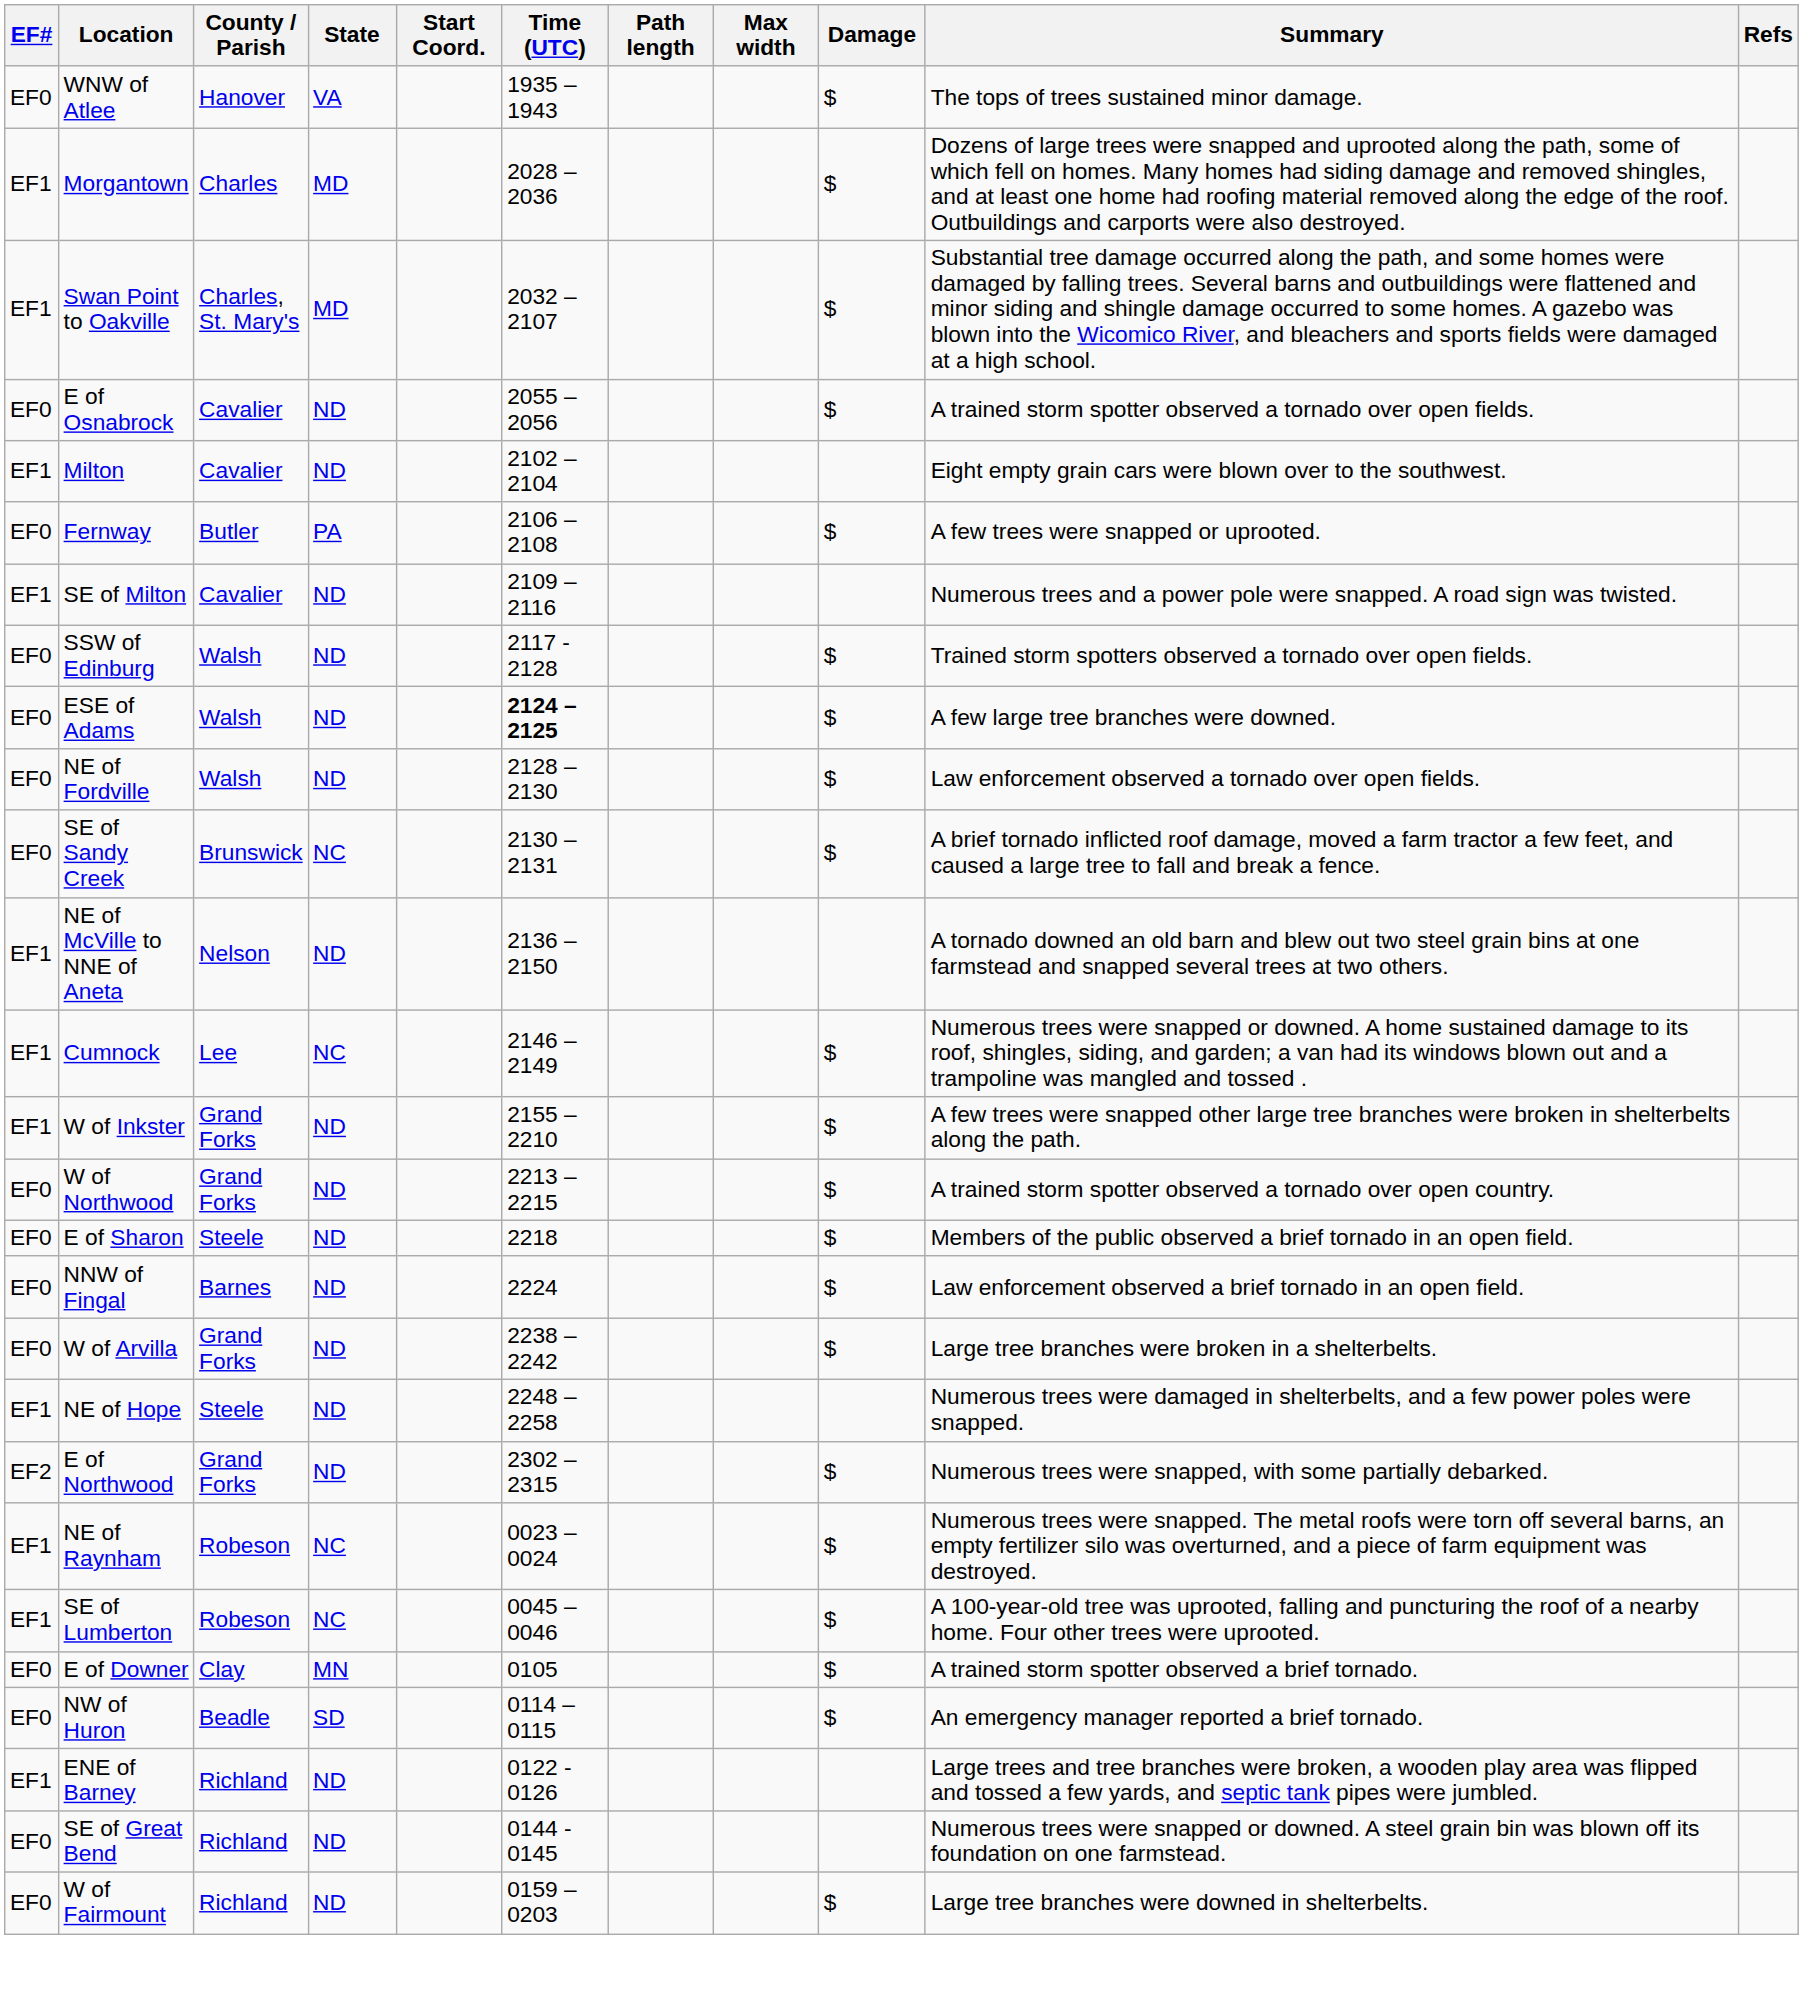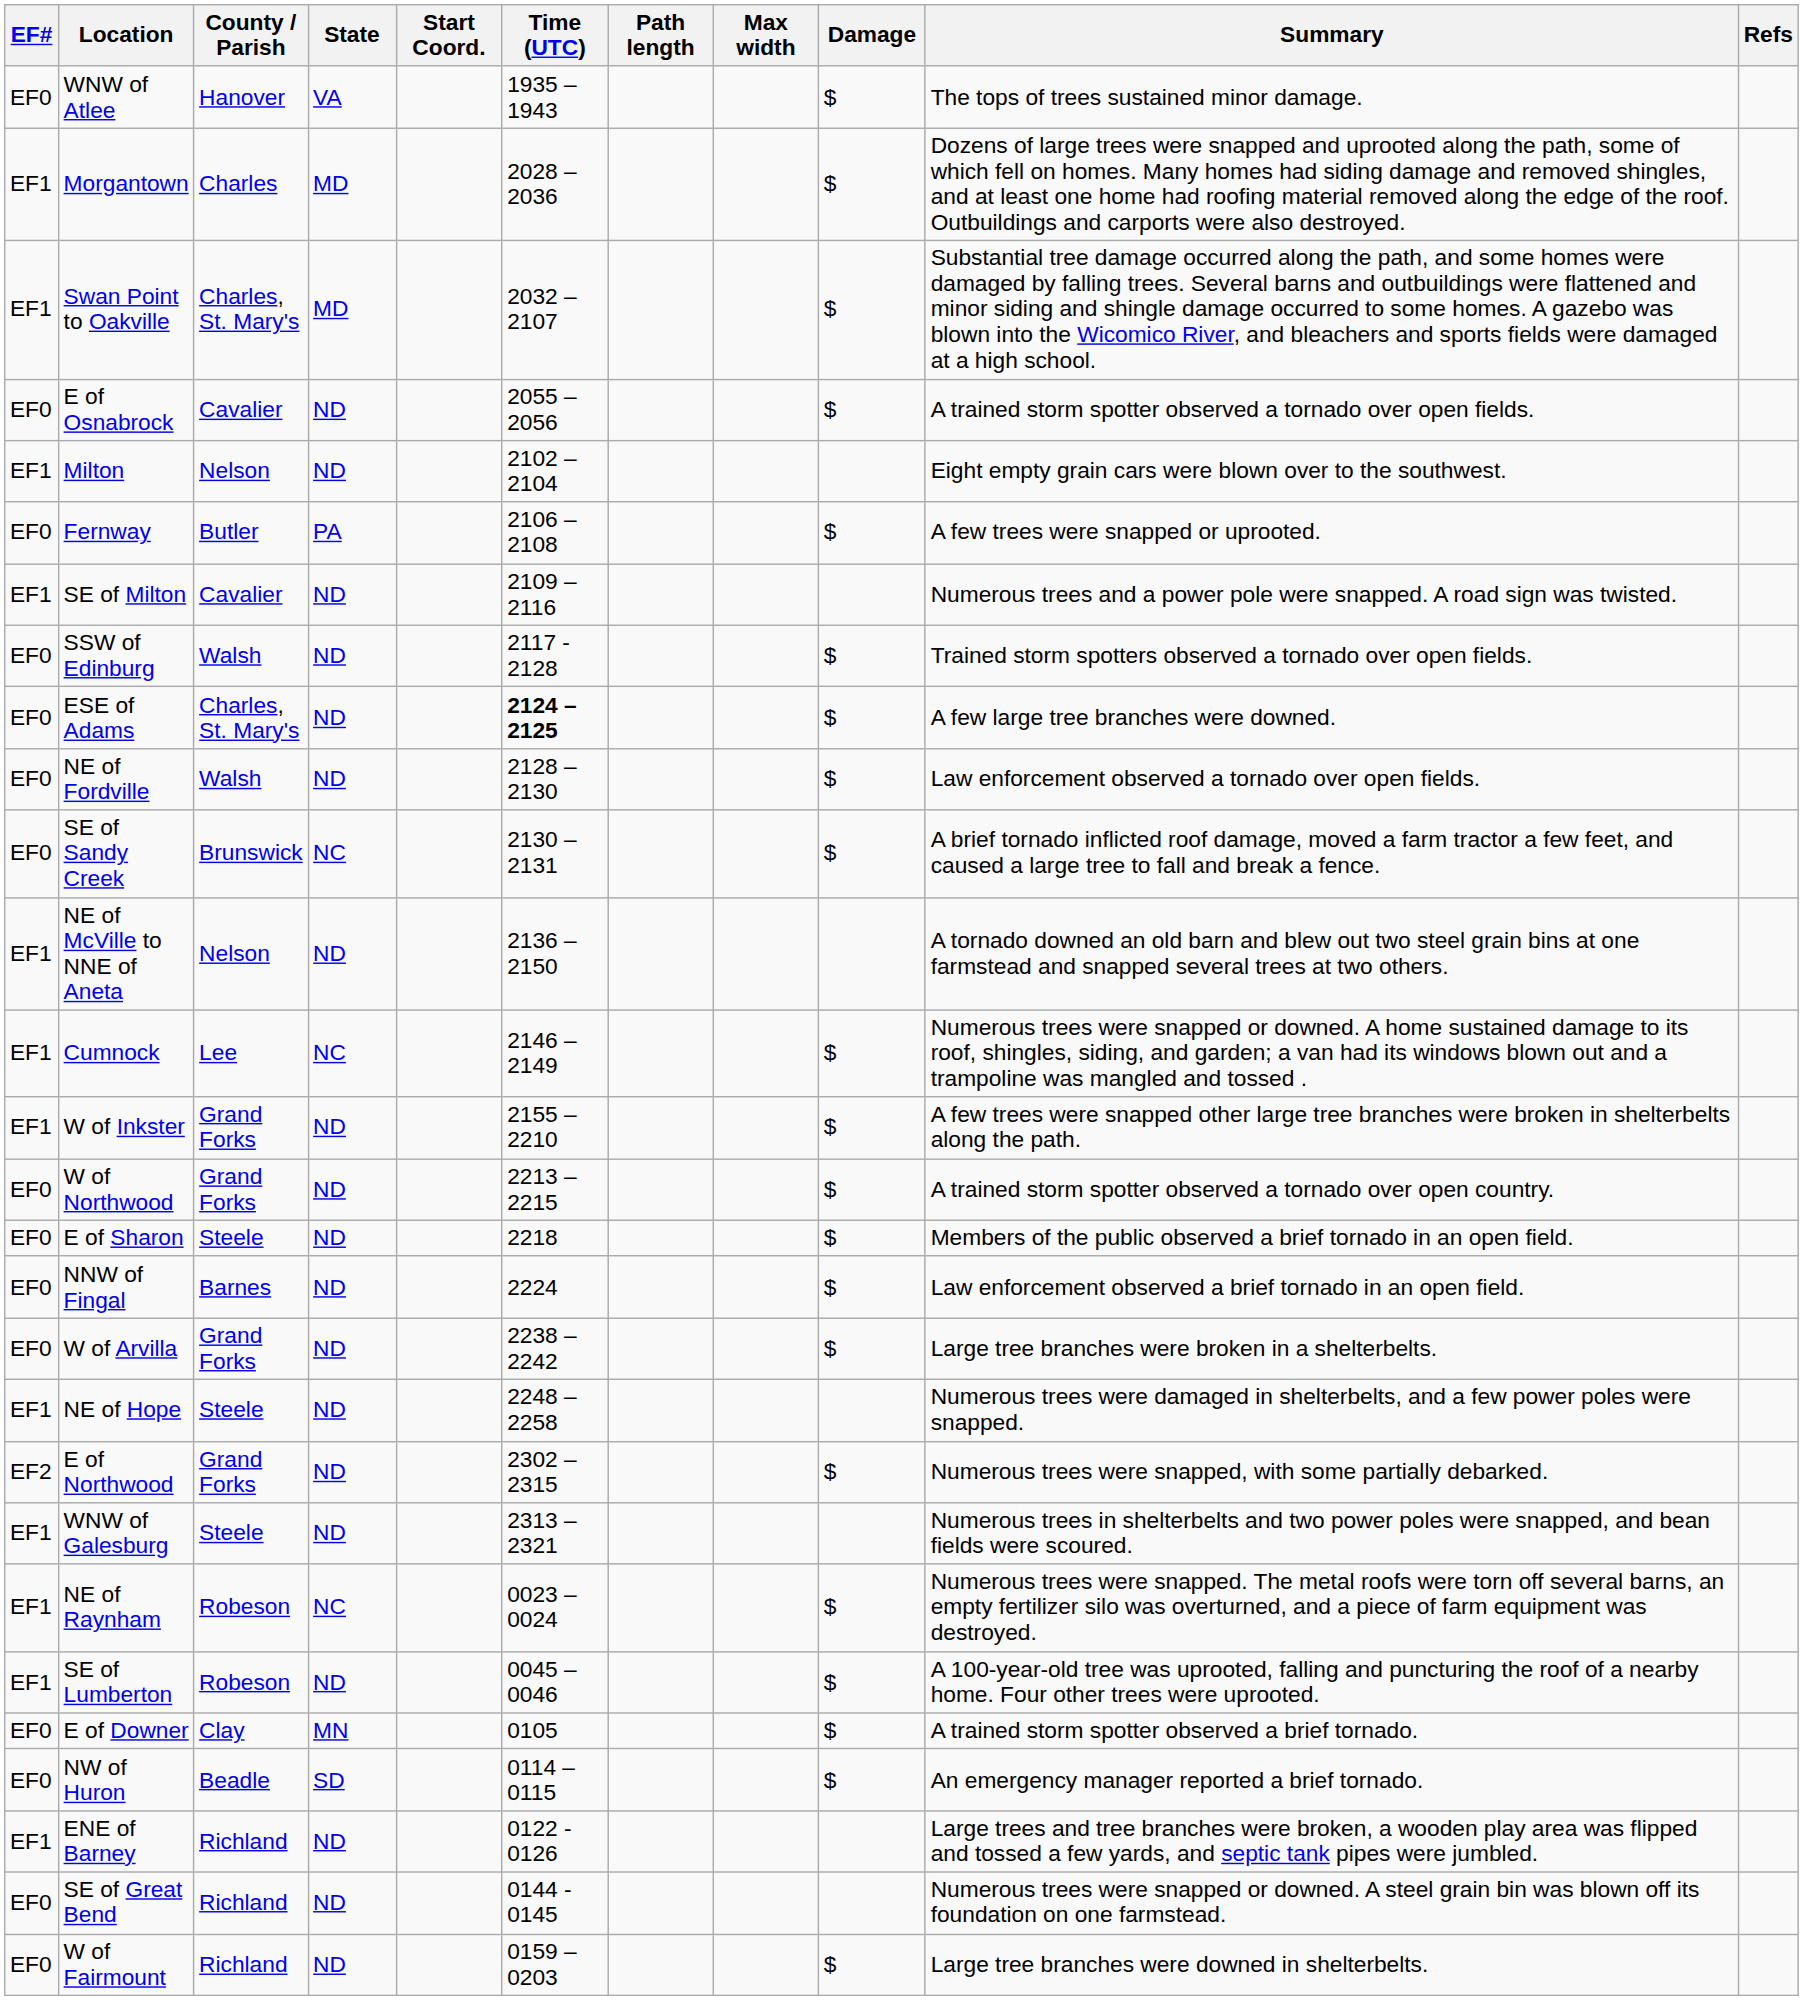 <table class="wikitable sortable" style="width:100%;">
 <tr>
 <th scope="col" width="3%" align="center"><a href='#'>EF#</a></th>
 <th scope="col" width="7%" align="center" class="unsortable">Location</th>
 <th scope="col" width="6%" align="center" class="unsortable">County / Parish</th>
 <th scope="col" width="5%" align="center">State</th>
 <th scope="col" width="6%" align="center">Start Coord.</th>
 <th scope="col" width="6%" align="center">Time (<a href='#'>UTC</a>)</th>
 <th scope="col" width="6%" align="center">Path length</th>
 <th scope="col" width="6%" align="center">Max width</th>
 <th scope="col" width="6%" align="center">Damage</th>
 <th scope="col" width="48%" class="unsortable" align="center">Summary</th>
 <th scope="col" width="48%" class="unsortable" align="center">Refs</th>
 </tr>
 <tr>
 <td>EF0</td>
 <td>WNW of <a href='#'>Atlee</a></td>
 <td><a href='#'>Hanover</a></td>
 <td><a href='#'>VA</a></td>
 <td></td>
 <td>1935 – 1943</td>
 <td></td>
 <td></td>
 <td>$</td>
 <td>The tops of trees sustained minor damage.</td>
 <td></td>
 </tr>
 <tr>
 <td>EF1</td>
 <td><a href='#'>Morgantown</a></td>
 <td><a href='#'>Charles</a></td>
 <td><a href='#'>MD</a></td>
 <td></td>
 <td>2028 – 2036</td>
 <td></td>
 <td></td>
 <td>$</td>
 <td>Dozens of large trees were snapped and uprooted along the path, some of which fell on homes. Many homes had siding damage and removed shingles, and at least one home had roofing material removed along the edge of the roof. Outbuildings and carports were also destroyed.</td>
 <td></td>
 </tr>
 <tr>
 <td>EF1</td>
 <td><a href='#'>Swan Point</a> to <a href='#'>Oakville</a></td>
 <td><a href='#'>Charles</a>, <a href='#'>St. Mary's</a></td>
 <td><a href='#'>MD</a></td>
 <td></td>
 <td>2032 – 2107</td>
 <td></td>
 <td></td>
 <td>$</td>
 <td>Substantial tree damage occurred along the path, and some homes were damaged by falling trees. Several barns and outbuildings were flattened and minor siding and shingle damage occurred to some homes. A gazebo was blown into the <a href='#'>Wicomico River</a>, and bleachers and sports fields were damaged at a high school.</td>
 <td></td>
 </tr>
 <tr>
 <td>EF0</td>
 <td>E of <a href='#'>Osnabrock</a></td>
 <td><a href='#'>Cavalier</a></td>
 <td><a href='#'>ND</a></td>
 <td></td>
 <td>2055 – 2056</td>
 <td></td>
 <td></td>
 <td>$</td>
 <td>A trained storm spotter observed a tornado over open fields.</td>
 <td></td>
 </tr>
 <tr>
 <td>EF1</td>
 <td><a href='#'>Milton</a></td>
-<td><a href='#'>Cavalier</a></td>
+<td><a href='#'>Nelson</a></td>
 <td><a href='#'>ND</a></td>
 <td></td>
 <td>2102 – 2104</td>
 <td></td>
 <td></td>
 <td></td>
 <td>Eight empty grain cars were blown over to the southwest.</td>
 <td></td>
 </tr>
 <tr>
 <td>EF0</td>
 <td><a href='#'>Fernway</a></td>
 <td><a href='#'>Butler</a></td>
 <td><a href='#'>PA</a></td>
 <td></td>
 <td>2106 – 2108</td>
 <td></td>
 <td></td>
 <td>$</td>
 <td>A few trees were snapped or uprooted.</td>
 <td></td>
 </tr>
 <tr>
 <td>EF1</td>
 <td>SE of <a href='#'>Milton</a></td>
 <td><a href='#'>Cavalier</a></td>
 <td><a href='#'>ND</a></td>
 <td></td>
 <td>2109 – 2116</td>
 <td></td>
 <td></td>
 <td></td>
 <td>Numerous trees and a power pole were snapped. A road sign was twisted.</td>
 <td></td>
 </tr>
 <tr>
 <td>EF0</td>
 <td>SSW of <a href='#'>Edinburg</a></td>
 <td><a href='#'>Walsh</a></td>
 <td><a href='#'>ND</a></td>
 <td></td>
 <td>2117 - 2128</td>
 <td></td>
 <td></td>
 <td>$</td>
 <td>Trained storm spotters observed a tornado over open fields.</td>
 <td></td>
 </tr>
 <tr>
 <td>EF0</td>
 <td>ESE of <a href='#'>Adams</a></td>
-<td><a href='#'>Walsh</a></td>
+<td><a href='#'>Charles</a>, <a href='#'>St. Mary's</a></td>
 <td><a href='#'>ND</a></td>
 <td></td>
 <td><strong>2124 – 2125</strong></td>
 <td></td>
 <td></td>
 <td>$</td>
 <td>A few large tree branches were downed.</td>
 <td></td>
 </tr>
 <tr>
 <td>EF0</td>
 <td>NE of <a href='#'>Fordville</a></td>
 <td><a href='#'>Walsh</a></td>
 <td><a href='#'>ND</a></td>
 <td></td>
 <td>2128 – 2130</td>
 <td></td>
 <td></td>
 <td>$</td>
 <td>Law enforcement observed a tornado over open fields.</td>
 <td></td>
 </tr>
 <tr>
 <td>EF0</td>
 <td>SE of <a href='#'>Sandy Creek</a></td>
 <td><a href='#'>Brunswick</a></td>
 <td><a href='#'>NC</a></td>
 <td></td>
 <td>2130 – 2131</td>
 <td></td>
 <td></td>
 <td>$</td>
 <td>A brief tornado inflicted roof damage, moved a farm tractor a few feet, and caused a large tree to fall and break a fence.</td>
 <td></td>
 </tr>
 <tr>
 <td>EF1</td>
 <td>NE of <a href='#'>McVille</a> to NNE of <a href='#'>Aneta</a></td>
 <td><a href='#'>Nelson</a></td>
 <td><a href='#'>ND</a></td>
 <td></td>
 <td>2136 – 2150</td>
 <td></td>
 <td></td>
 <td></td>
 <td>A tornado downed an old barn and blew out two steel grain bins at one farmstead and snapped several trees at two others.</td>
 <td></td>
 </tr>
 <tr>
 <td>EF1</td>
 <td><a href='#'>Cumnock</a></td>
 <td><a href='#'>Lee</a></td>
 <td><a href='#'>NC</a></td>
 <td></td>
 <td>2146 – 2149</td>
 <td></td>
 <td></td>
 <td>$</td>
 <td>Numerous trees were snapped or downed. A home sustained damage to its roof, shingles, siding, and garden; a van had its windows blown out and a trampoline was mangled and tossed .</td>
 <td></td>
 </tr>
 <tr>
 <td>EF1</td>
 <td>W of <a href='#'>Inkster</a></td>
 <td><a href='#'>Grand Forks</a></td>
 <td><a href='#'>ND</a></td>
 <td></td>
 <td>2155 – 2210</td>
 <td></td>
 <td></td>
 <td>$</td>
 <td>A few trees were snapped other large tree branches were broken in shelterbelts along the path.</td>
 <td></td>
 </tr>
 <tr>
 <td>EF0</td>
 <td>W of <a href='#'>Northwood</a></td>
 <td><a href='#'>Grand Forks</a></td>
 <td><a href='#'>ND</a></td>
 <td></td>
 <td>2213 – 2215</td>
 <td></td>
 <td></td>
 <td>$</td>
 <td>A trained storm spotter observed a tornado over open country.</td>
 <td></td>
 </tr>
 <tr>
 <td>EF0</td>
 <td>E of <a href='#'>Sharon</a></td>
 <td><a href='#'>Steele</a></td>
 <td><a href='#'>ND</a></td>
 <td></td>
 <td>2218</td>
 <td></td>
 <td></td>
 <td>$</td>
 <td>Members of the public observed a brief tornado in an open field.</td>
 <td></td>
 </tr>
 <tr>
 <td>EF0</td>
 <td>NNW of <a href='#'>Fingal</a></td>
 <td><a href='#'>Barnes</a></td>
 <td><a href='#'>ND</a></td>
 <td></td>
 <td>2224</td>
 <td></td>
 <td></td>
 <td>$</td>
 <td>Law enforcement observed a brief tornado in an open field.</td>
 <td></td>
 </tr>
 <tr>
 <td>EF0</td>
 <td>W of <a href='#'>Arvilla</a></td>
 <td><a href='#'>Grand Forks</a></td>
 <td><a href='#'>ND</a></td>
 <td></td>
 <td>2238 – 2242</td>
 <td></td>
 <td></td>
 <td>$</td>
 <td>Large tree branches were broken in a shelterbelts.</td>
 <td></td>
 </tr>
 <tr>
 <td>EF1</td>
 <td>NE of <a href='#'>Hope</a></td>
 <td><a href='#'>Steele</a></td>
 <td><a href='#'>ND</a></td>
 <td></td>
 <td>2248 – 2258</td>
 <td></td>
 <td></td>
 <td></td>
 <td>Numerous trees were damaged in shelterbelts, and a few power poles were snapped.</td>
 <td></td>
 </tr>
 <tr>
 <td>EF2</td>
 <td>E of <a href='#'>Northwood</a></td>
 <td><a href='#'>Grand Forks</a></td>
 <td><a href='#'>ND</a></td>
 <td></td>
 <td>2302 – 2315</td>
 <td></td>
 <td></td>
 <td>$</td>
 <td>Numerous trees were snapped, with some partially debarked.</td>
 <td></td>
 </tr>
 <tr>
 <td>EF1</td>
+<td>WNW of <a href='#'>Galesburg</a></td>
+<td><a href='#'>Steele</a></td>
+<td><a href='#'>ND</a></td>
+<td></td>
+<td>2313 – 2321</td>
+<td></td>
+<td></td>
+<td></td>
+<td>Numerous trees in shelterbelts and two power poles were snapped, and bean fields were scoured.</td>
+<td></td>
+</tr>
+<tr>
+<td>EF1</td>
 <td>NE of <a href='#'>Raynham</a></td>
 <td><a href='#'>Robeson</a></td>
 <td><a href='#'>NC</a></td>
 <td></td>
 <td>0023 – 0024</td>
 <td></td>
 <td></td>
 <td>$</td>
 <td>Numerous trees were snapped. The metal roofs were torn off several barns, an empty fertilizer silo was overturned, and a piece of farm equipment was destroyed.</td>
 <td></td>
 </tr>
 <tr>
 <td>EF1</td>
 <td>SE of <a href='#'>Lumberton</a></td>
 <td><a href='#'>Robeson</a></td>
-<td><a href='#'>NC</a></td>
+<td><a href='#'>ND</a></td>
 <td></td>
 <td>0045 – 0046</td>
 <td></td>
 <td></td>
 <td>$</td>
 <td>A 100-year-old tree was uprooted, falling and puncturing the roof of a nearby home. Four other trees were uprooted.</td>
 <td></td>
 </tr>
 <tr>
 <td>EF0</td>
 <td>E of <a href='#'>Downer</a></td>
 <td><a href='#'>Clay</a></td>
 <td><a href='#'>MN</a></td>
 <td></td>
 <td>0105</td>
 <td></td>
 <td></td>
 <td>$</td>
 <td>A trained storm spotter observed a brief tornado.</td>
 <td></td>
 </tr>
 <tr>
 <td>EF0</td>
 <td>NW of <a href='#'>Huron</a></td>
 <td><a href='#'>Beadle</a></td>
 <td><a href='#'>SD</a></td>
 <td></td>
 <td>0114 – 0115</td>
 <td></td>
 <td></td>
 <td>$</td>
 <td>An emergency manager reported a brief tornado.</td>
 <td></td>
 </tr>
 <tr>
 <td>EF1</td>
 <td>ENE of <a href='#'>Barney</a></td>
 <td><a href='#'>Richland</a></td>
 <td><a href='#'>ND</a></td>
 <td></td>
 <td>0122 - 0126</td>
 <td></td>
 <td></td>
 <td></td>
 <td>Large trees and tree branches were broken, a wooden play area was flipped and tossed a few yards, and <a href='#'>septic tank</a> pipes were jumbled.</td>
 <td></td>
 </tr>
 <tr>
 <td>EF0</td>
 <td>SE of <a href='#'>Great Bend</a></td>
 <td><a href='#'>Richland</a></td>
 <td><a href='#'>ND</a></td>
 <td></td>
 <td>0144 - 0145</td>
 <td></td>
 <td></td>
 <td></td>
 <td>Numerous trees were snapped or downed. A steel grain bin was blown off its foundation on one farmstead.</td>
 <td></td>
 </tr>
 <tr>
 <td>EF0</td>
 <td>W of <a href='#'>Fairmount</a></td>
 <td><a href='#'>Richland</a></td>
 <td><a href='#'>ND</a></td>
 <td></td>
 <td>0159 – 0203</td>
 <td></td>
 <td></td>
 <td>$</td>
 <td>Large tree branches were downed in shelterbelts.</td>
 <td></td>
 </tr>
 <tr>
 </tr>
 </table>
